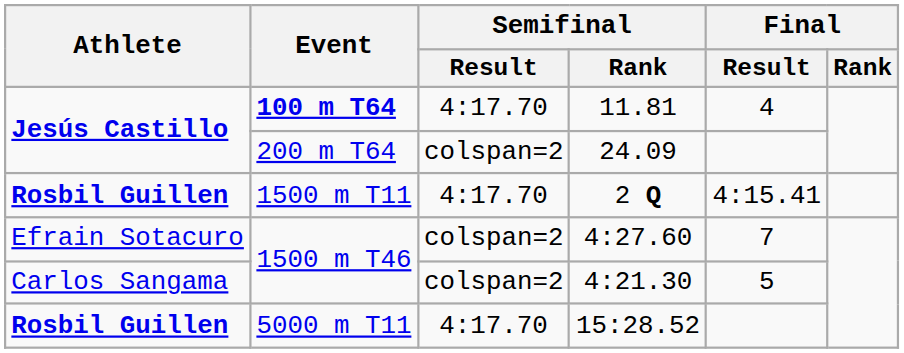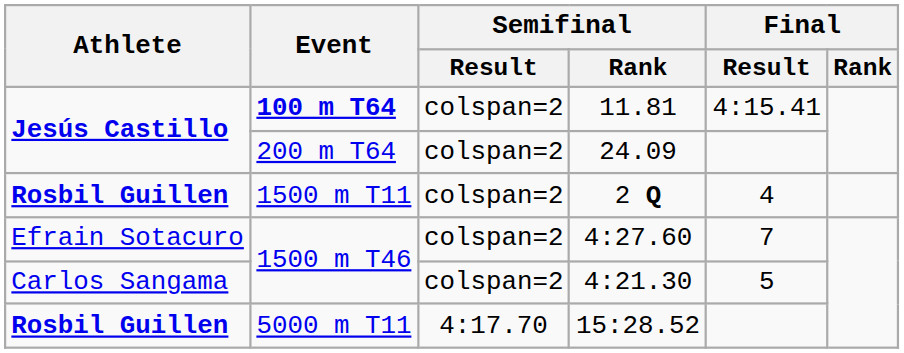 <table class="wikitable" style="font-size:90%">
 <tr>
 <th rowspan="2">Athlete</th>
 <th rowspan="2">Event</th>
 <th colspan="2">Semifinal</th>
 <th colspan="2">Final</th>
 </tr>
 <tr style="font-size:95%">
 <th>Result</th>
 <th>Rank</th>
 <th>Result</th>
 <th>Rank</th>
 </tr>
 <tr align=center>
 <td align=left rowspan=2><strong><a href='#'>Jesús Castillo</a></strong></td>
 <td align=left><strong><a href='#'>100 m T64</a></strong></td>
-<td>4:17.70</td>
+<td>colspan=2 </td>
 <td>11.81</td>
-<td>4</td>
+<td>4:15.41</td>
 </tr>
 <tr align=center>
 <td align=left><a href='#'>200 m T64</a></td>
 <td>colspan=2 </td>
 <td>24.09</td>
 <td></td>
 </tr>
 <tr align=center>
 <td align=left><strong><a href='#'>Rosbil Guillen</a></strong></td>
 <td align=left><a href='#'>1500 m T11</a></td>
-<td>4:17.70</td>
+<td>colspan=2 </td>
 <td>2 <strong>Q</strong></td>
-<td>4:15.41</td>
+<td>4</td>
 <td></td>
 </tr>
 <tr align=center>
 <td align=left><a href='#'>Efrain Sotacuro</a></td>
 <td align=left rowspan=2><a href='#'>1500 m T46</a></td>
 <td>colspan=2 </td>
 <td>4:27.60</td>
 <td>7</td>
 </tr>
 <tr align=center>
 <td align=left><a href='#'>Carlos Sangama</a></td>
 <td>colspan=2 </td>
 <td>4:21.30</td>
 <td>5</td>
 </tr>
 <tr align=center>
 <td align=left><strong><a href='#'>Rosbil Guillen</a></strong></td>
 <td align=left><a href='#'>5000 m T11</a></td>
 <td>4:17.70</td>
 <td>15:28.52</td>
 <td></td>
 </tr>
 </table>
